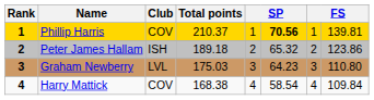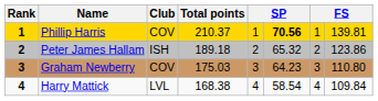 <table class="wikitable sortable">
 <tr>
 <th>Rank</th>
 <th>Name</th>
 <th>Club</th>
 <th>Total points</th>
 <th colspan="2" width="80px"><a href='#'>SP</a></th>
 <th colspan="2" width="80px"><a href='#'>FS</a></th>
 </tr>
 <tr bgcolor="gold">
 <td align="center"><strong>1</strong></td>
 <td><a href='#'>Phillip Harris</a></td>
 <td>COV</td>
 <td align="center">210.37</td>
 <td align="center">1</td>
 <td align="center"><strong>70.56</strong></td>
 <td align="center">1</td>
 <td align="center">139.81</td>
 </tr>
 <tr bgcolor="silver">
 <td align="center"><strong>2</strong></td>
 <td><a href='#'>Peter James Hallam</a></td>
 <td>ISH</td>
 <td align="center">189.18</td>
 <td align="center">2</td>
 <td align="center">65.32</td>
 <td align="center">2</td>
 <td align="center">123.86</td>
 </tr>
 <tr bgcolor="cc9966">
 <td align="center"><strong>3</strong></td>
 <td><a href='#'>Graham Newberry</a></td>
-<td>LVL</td>
+<td>COV</td>
 <td align="center">175.03</td>
 <td align="center">3</td>
 <td align="center">64.23</td>
 <td align="center">3</td>
 <td align="center">110.80</td>
 </tr>
 <tr>
 <td align="center"><strong>4</strong></td>
 <td><a href='#'>Harry Mattick</a></td>
-<td>COV</td>
+<td>LVL</td>
 <td align="center">168.38</td>
 <td align="center">4</td>
 <td align="center">58.54</td>
 <td align="center">4</td>
 <td align="center">109.84</td>
 </tr>
 </table>
